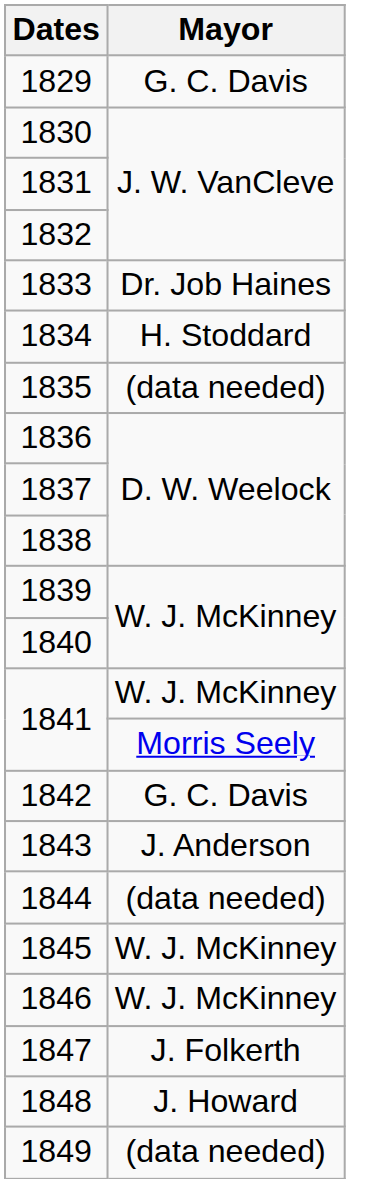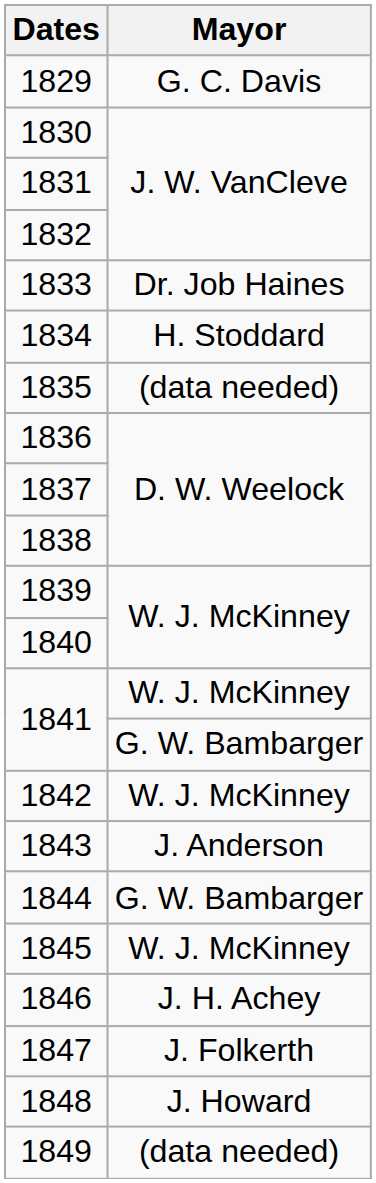 <table class="wikitable">
 <tr>
 <th>Dates</th>
 <th>Mayor</th>
 </tr>
 <tr align=center>
 <td>1829</td>
 <td>G. C. Davis</td>
 </tr>
 <tr align=center>
 <td>1830</td>
 <td rowspan=3>J. W. VanCleve</td>
 </tr>
 <tr align=center>
 <td>1831</td>
 </tr>
 <tr align=center>
 <td>1832</td>
 </tr>
 <tr align=center>
 <td>1833</td>
 <td>Dr. Job Haines</td>
 </tr>
 <tr align=center>
 <td>1834</td>
 <td>H. Stoddard</td>
 </tr>
 <tr align=center>
 <td>1835</td>
 <td>(data needed)</td>
 </tr>
 <tr align=center>
 <td>1836</td>
 <td rowspan=3>D. W. Weelock</td>
 </tr>
 <tr align=center>
 <td>1837</td>
 </tr>
 <tr align=center>
 <td>1838</td>
 </tr>
 <tr align=center>
 <td>1839</td>
 <td rowspan=2>W. J. McKinney</td>
 </tr>
 <tr align=center>
 <td>1840</td>
 </tr>
 <tr align=center>
 <td rowspan=2>1841</td>
 <td>W. J. McKinney</td>
 </tr>
 <tr align=center>
-<td><a href='#'>Morris Seely</a></td>
+<td>G. W. Bambarger</td>
 </tr>
 <tr align=center>
 <td>1842</td>
-<td>G. C. Davis</td>
+<td>W. J. McKinney</td>
 </tr>
 <tr align=center>
 <td>1843</td>
 <td>J. Anderson</td>
 </tr>
 <tr align=center>
 <td>1844</td>
-<td>(data needed)</td>
+<td>G. W. Bambarger</td>
 </tr>
 <tr align=center>
 <td>1845</td>
 <td>W. J. McKinney</td>
 </tr>
 <tr align=center>
 <td>1846</td>
-<td>W. J. McKinney</td>
+<td>J. H. Achey</td>
 </tr>
 <tr align=center>
 <td>1847</td>
 <td>J. Folkerth</td>
 </tr>
 <tr align=center>
 <td>1848</td>
 <td>J. Howard</td>
 </tr>
 <tr align=center>
 <td>1849</td>
 <td>(data needed)</td>
 </tr>
 </table>
